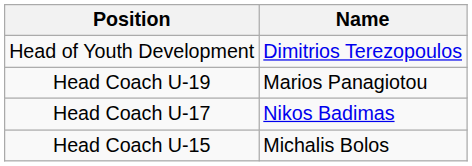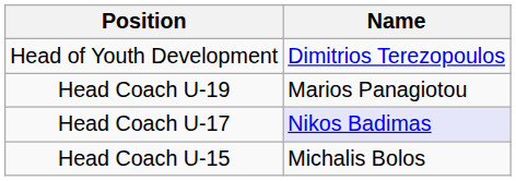 <table class="wikitable" style="text-align: center;">
 <tr>
 <th>Position</th>
 <th>Name</th>
 </tr>
 <tr>
 <td>Head of Youth Development</td>
 <td style="text-align:left;"><a href='#'>Dimitrios Terezopoulos</a></td>
 </tr>
 <tr>
 <td>Head Coach U-19</td>
 <td style="text-align:left;">Marios Panagiotou</td>
 </tr>
 <tr>
 <td>Head Coach U-17</td>
-<td style="text-align:left;"><a href='#'>Nikos Badimas</a></td>
+<td style="background: lavender; text-align:left;"><a href='#'>Nikos Badimas</a></td>
 </tr>
 <tr>
 <td>Head Coach U-15</td>
 <td style="text-align:left;">Michalis Bolos</td>
 </tr>
 </table>
